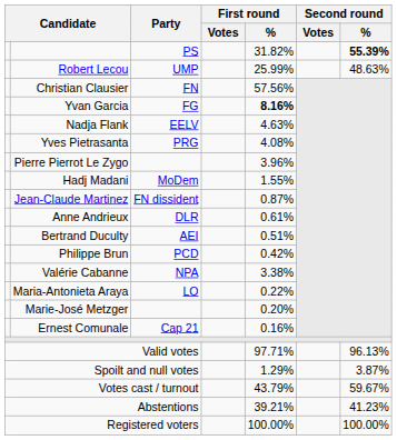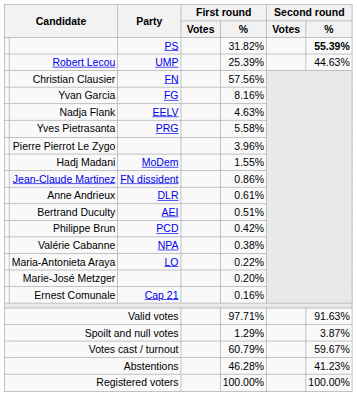 <table class="wikitable" style="text-align:right;font-size:95%;">
 <tr>
 <th rowspan=2 colspan=2>Candidate</th>
 <th rowspan=2 colspan=1>Party</th>
 <th colspan=2>First round</th>
 <th colspan=2>Second round</th>
 </tr>
 <tr>
 <th style="width:50px;">Votes</th>
 <th style="width:55px;">%</th>
 <th style="width:50px;">Votes</th>
 <th style="width:55px;">%</th>
 </tr>
 <tr>
 <td style="color:inherit;background-color:"></td>
 <td><strong></strong></td>
 <td><a href='#'>PS</a></td>
 <td></td>
 <td>31.82%</td>
 <td><strong></strong></td>
 <td><strong>55.39%</strong></td>
 </tr>
 <tr>
 <td style="color:inherit;background-color:"></td>
 <td><a href='#'>Robert Lecou</a></td>
 <td><a href='#'>UMP</a></td>
 <td></td>
-<td>25.99%</td>
+<td>25.39%</td>
 <td></td>
-<td>48.63%</td>
+<td>44.63%</td>
 </tr>
 <tr>
 <td style="color:inherit;background-color:"></td>
 <td>Christian Clausier</td>
 <td><a href='#'>FN</a></td>
 <td></td>
 <td>57.56%</td>
 <td colspan=7 rowspan=14 style="background-color:#E9E9E9;"></td>
 </tr>
 <tr>
 <td style="color:inherit;background-color:"></td>
 <td>Yvan Garcia</td>
 <td><a href='#'>FG</a></td>
 <td></td>
-<td><strong>8.16%</strong></td>
+<td>8.16%</td>
 </tr>
 <tr>
 <td style="color:inherit;background-color:"></td>
 <td>Nadja Flank</td>
 <td><a href='#'>EELV</a></td>
 <td></td>
 <td>4.63%</td>
 </tr>
 <tr>
 <td style="color:inherit;background-color:"></td>
 <td>Yves Pietrasanta</td>
 <td><a href='#'>PRG</a></td>
 <td></td>
-<td>4.08%</td>
+<td>5.58%</td>
 </tr>
 <tr>
 <td style="background-color:;"></td>
 <td>Pierre Pierrot Le Zygo</td>
 <td></td>
 <td></td>
 <td>3.96%</td>
 </tr>
 <tr>
 <td style="color:inherit;background-color:"></td>
 <td>Hadj Madani</td>
 <td><a href='#'>MoDem</a></td>
 <td></td>
 <td>1.55%</td>
 </tr>
 <tr>
 <td style="color:inherit;background-color:"></td>
 <td><a href='#'>Jean-Claude Martinez</a></td>
 <td><a href='#'>FN dissident</a></td>
 <td></td>
-<td>0.87%</td>
+<td>0.86%</td>
 </tr>
 <tr>
 <td style="color:inherit;background-color:"></td>
 <td>Anne Andrieux</td>
 <td><a href='#'>DLR</a></td>
 <td></td>
 <td>0.61%</td>
 </tr>
 <tr>
 <td style="color:inherit;background-color:"></td>
 <td>Bertrand Duculty</td>
 <td><a href='#'>AEI</a></td>
 <td></td>
 <td>0.51%</td>
 </tr>
 <tr>
 <td style="color:inherit;background-color:"></td>
 <td>Philippe Brun</td>
 <td><a href='#'>PCD</a></td>
 <td></td>
 <td>0.42%</td>
 </tr>
 <tr>
 <td style="color:inherit;background-color:"></td>
 <td>Valérie Cabanne</td>
 <td><a href='#'>NPA</a></td>
 <td></td>
-<td>3.38%</td>
+<td>0.38%</td>
 </tr>
 <tr>
 <td style="color:inherit;background-color:"></td>
 <td>Maria-Antonieta Araya</td>
 <td><a href='#'>LO</a></td>
 <td></td>
 <td>0.22%</td>
 </tr>
 <tr>
 <td style="background-color:;"></td>
 <td>Marie-José Metzger</td>
 <td></td>
 <td></td>
 <td>0.20%</td>
 </tr>
 <tr>
 <td style="color:inherit;background-color:"></td>
 <td>Ernest Comunale</td>
 <td><a href='#'>Cap 21</a></td>
 <td></td>
 <td>0.16%</td>
 </tr>
 <tr>
 <td colspan=7 style="background-color:#E9E9E9;"></td>
 </tr>
 <tr>
 <td colspan=3>Valid votes</td>
 <td></td>
 <td>97.71%</td>
 <td></td>
-<td>96.13%</td>
+<td>91.63%</td>
 </tr>
 <tr>
 <td colspan=3>Spoilt and null votes</td>
 <td></td>
 <td>1.29%</td>
 <td></td>
 <td>3.87%</td>
 </tr>
 <tr>
 <td colspan=3>Votes cast / turnout</td>
 <td></td>
-<td>43.79%</td>
+<td>60.79%</td>
 <td></td>
 <td>59.67%</td>
 </tr>
 <tr>
 <td colspan=3>Abstentions</td>
 <td></td>
-<td>39.21%</td>
+<td>46.28%</td>
 <td></td>
 <td>41.23%</td>
 </tr>
 <tr>
 <td colspan=3>Registered voters</td>
 <td></td>
 <td>100.00%</td>
 <td></td>
 <td>100.00%</td>
 </tr>
 </table>
